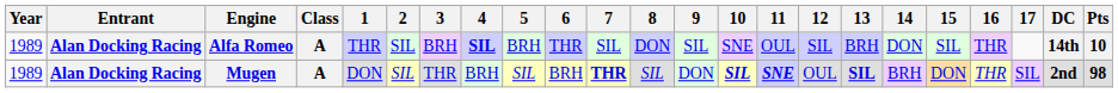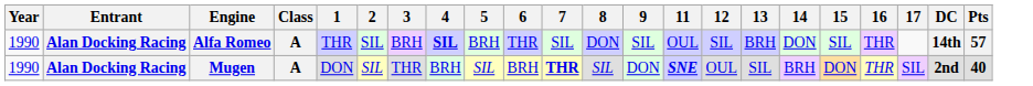 <table class="wikitable" style="text-align:center; font-size:85%">
 <tr>
 <th>Year</th>
 <th>Entrant</th>
 <th>Engine</th>
 <th>Class</th>
 <th>1</th>
 <th>2</th>
 <th>3</th>
 <th>4</th>
 <th>5</th>
 <th>6</th>
 <th>7</th>
 <th>8</th>
 <th>9</th>
-<th>10</th>
 <th>11</th>
 <th>12</th>
 <th>13</th>
 <th>14</th>
 <th>15</th>
 <th>16</th>
 <th>17</th>
 <th>DC</th>
 <th>Pts</th>
 </tr>
 <tr>
-<td><a href='#'>1989</a></td>
+<td><a href='#'>1990</a></td>
 <th nowrap><a href='#'>Alan Docking Racing</a></th>
 <th nowrap><a href='#'>Alfa Romeo</a></th>
 <th>A</th>
 <td style="background:#CFCFFF;"><a href='#'>THR</a><br></td>
 <td style="background:#DFFFDF;"><a href='#'>SIL</a><br></td>
 <td style="background:#EFCFFF;"><a href='#'>BRH</a><br></td>
 <td style="background:#CFCFFF;"><strong><a href='#'>SIL</a><br></strong></td>
 <td style="background:#DFFFDF;"><a href='#'>BRH</a><br></td>
 <td style="background:#CFCFFF;"><a href='#'>THR</a><br></td>
 <td style="background:#DFFFDF;"><a href='#'>SIL</a><br></td>
 <td style="background:#CFCFFF;"><a href='#'>DON</a><br></td>
 <td style="background:#DFFFDF;"><a href='#'>SIL</a><br></td>
-<td style="background:#EFCFFF;"><a href='#'>SNE</a><br></td>
 <td style="background:#CFCFFF;"><a href='#'>OUL</a><br></td>
 <td style="background:#CFCFFF;"><a href='#'>SIL</a><br></td>
 <td style="background:#CFCFFF;"><a href='#'>BRH</a><br></td>
 <td style="background:#DFFFDF;"><a href='#'>DON</a><br></td>
 <td style="background:#DFFFDF;"><a href='#'>SIL</a><br></td>
 <td style="background:#EFCFFF;"><a href='#'>THR</a><br></td>
 <td></td>
 <th>14th</th>
-<th>10</th>
+<th>57</th>
 </tr>
 <tr>
-<td><a href='#'>1989</a></td>
+<td><a href='#'>1990</a></td>
 <th nowrap><a href='#'>Alan Docking Racing</a></th>
 <th nowrap><a href='#'>Mugen</a></th>
 <th>A</th>
 <td style="background:#DFDFDF;"><a href='#'>DON</a><br></td>
 <td style="background:#FFFFBF;"><em><a href='#'>SIL</a></em><br></td>
 <td style="background:#DFDFDF;"><a href='#'>THR</a><br></td>
 <td style="background:#DFFFDF;"><a href='#'>BRH</a><br></td>
 <td style="background:#FFFFBF;"><em><a href='#'>SIL</a></em><br></td>
 <td style="background:#FFFFBF;"><a href='#'>BRH</a><br></td>
 <td style="background:#FFFFBF;"><strong><a href='#'>THR</a></strong><br></td>
 <td style="background:#DFDFDF;"><em><a href='#'>SIL</a></em><br></td>
 <td style="background:#DFFFDF;"><a href='#'>DON</a><br></td>
-<td style="background:#FFFFBF;"><strong><em><a href='#'>SIL</a></em></strong><br></td>
 <td style="background:#CFCFFF;"><strong><em><a href='#'>SNE</a></em></strong><br></td>
 <td style="background:#DFDFDF;"><a href='#'>OUL</a><br></td>
-<td style="background:#DFDFDF;"><strong><a href='#'>SIL</a><br></strong></td>
+<td style="background:#DFDFDF;"><a href='#'>SIL</a><br></td>
 <td style="background:#EFCFFF;"><a href='#'>BRH</a><br></td>
 <td style="background:#FFDF9F;"><a href='#'>DON</a><br></td>
 <td style="background:#FFFFBF;"><em><a href='#'>THR</a></em><br></td>
 <td style="background:#EFCFFF;"><a href='#'>SIL</a><br></td>
 <td style="background:#DFDFDF;"><strong>2nd</strong></td>
-<td style="background:#DFDFDF;"><strong>98</strong></td>
+<td style="background:#DFDFDF;"><strong>40</strong></td>
 </tr>
 </table>
